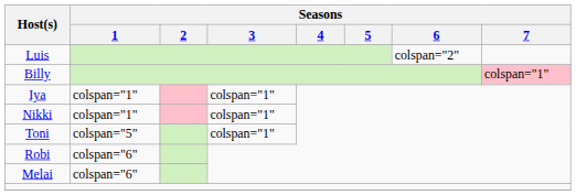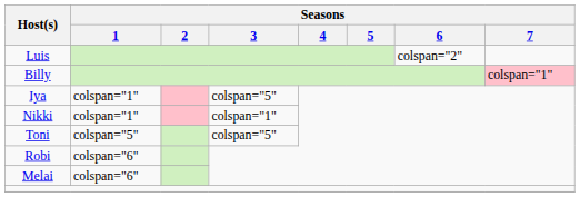 <table class="wikitable collapsible collapsed floatright" style="width:35%; line-height:17px;">
 <tr>
 <th rowspan="2" width="05%">Host(s)</th>
 <th colspan="7" =text-align:center;>Seasons</th>
 </tr>
 <tr>
 <th width="05%"><a href='#'>1</a></th>
 <th width="05%"><a href='#'>2</a></th>
 <th width="05%"><a href='#'>3</a></th>
 <th width="05%"><a href='#'>4</a></th>
 <th width="05%"><a href='#'>5</a></th>
 <th width="05%"><a href='#'>6</a></th>
 <th width="05%"><a href='#'>7</a></th>
 </tr>
 <tr>
 <td style="text-align:center;"><a href='#'>Luis</a></td>
 <td colspan="5" style="text-align:center; background:#d0f0c0;"></td>
 <td>colspan="2" </td>
 </tr>
 <tr>
 <td style="text-align:center;"><a href='#'>Billy</a></td>
 <td colspan="6" style="text-align:center; background:#d0f0c0;"></td>
 <td style="background: pink;">colspan="1" </td>
 </tr>
 <tr>
 <td style="text-align:center;"><a href='#'>Iya</a></td>
 <td>colspan="1" </td>
 <td colspan="1" style="background:pink;"></td>
-<td>colspan="1" </td>
+<td>colspan="5" </td>
 </tr>
 <tr>
 <td style="text-align:center;"><a href='#'>Nikki</a></td>
 <td>colspan="1" </td>
 <td colspan="1" style="background:pink;"></td>
 <td>colspan="1" </td>
 </tr>
 <tr>
 <td style="text-align:center;"><a href='#'>Toni</a></td>
 <td>colspan="5" </td>
 <td colspan="1" style="background:#d0f0c0;"></td>
-<td>colspan="1" </td>
+<td>colspan="5" </td>
 </tr>
 <tr>
 <td style="text-align:center;"><a href='#'>Robi</a></td>
 <td>colspan="6" </td>
 <td colspan="1" style="background:#d0f0c0;"></td>
 </tr>
 <tr>
 <td style="text-align:center;"><a href='#'>Melai</a></td>
 <td>colspan="6" </td>
 <td colspan="1" style="background:#d0f0c0;"></td>
 </tr>
 <tr>
 <td colspan="8"></td>
 </tr>
 <tr>
 </tr>
 </table>
